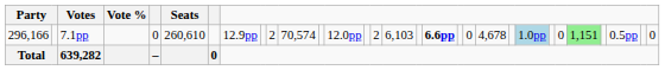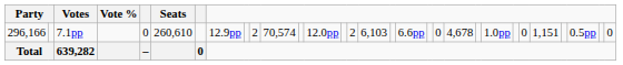 <table class=wikitable style="text-align:right;">
 <tr>
 <th colspan=2>Party</th>
 <th>Votes</th>
 <th>Vote %</th>
 <th></th>
 <th>Seats</th>
 <th></th>
 </tr>
 <tr>
 <td>296,166</td>
 <td style="text-align:center;"></td>
 <td style="text-align:left;"> 7.1<a href='#'>pp</a></td>
 <td style="text-align:center;"></td>
 <td style="text-align:left;"> 0<br></td>
 <td>260,610</td>
 <td style="text-align:center;"></td>
 <td style="text-align:left;"> 12.9<a href='#'>pp</a></td>
 <td style="text-align:center;"></td>
 <td style="text-align:left;"> 2<br></td>
 <td>70,574</td>
 <td style="text-align:center;"></td>
 <td style="text-align:left;"> 12.0<a href='#'>pp</a></td>
 <td style="text-align:center;"></td>
 <td style="text-align:left;"> 2<br></td>
 <td>6,103</td>
 <td style="text-align:center;"></td>
-<td style="text-align:left;"><strong> 6.6<a href='#'>pp</a></strong></td>
+<td style="text-align:left;"> 6.6<a href='#'>pp</a></td>
 <td style="text-align:center;"></td>
 <td style="text-align:left;"> 0<br></td>
 <td>4,678</td>
 <td style="text-align:center;"></td>
-<td style="background: lightblue; text-align:left;"> 1.0<a href='#'>pp</a></td>
+<td style="text-align:left;"> 1.0<a href='#'>pp</a></td>
 <td style="text-align:center;"></td>
 <td style="text-align:left;"> 0<br></td>
-<td style="background: lightgreen;">1,151</td>
+<td>1,151</td>
 <td style="text-align:center;"></td>
 <td style="text-align:left;"> 0.5<a href='#'>pp</a></td>
 <td style="text-align:center;"></td>
 <td style="text-align:left;"> 0</td>
 </tr>
 <tr>
 <th colspan="2">Total</th>
 <th>639,282</th>
 <th></th>
 <th>–</th>
 <th></th>
 <th style="text-align:left;"> 0</th>
 </tr>
 </table>
